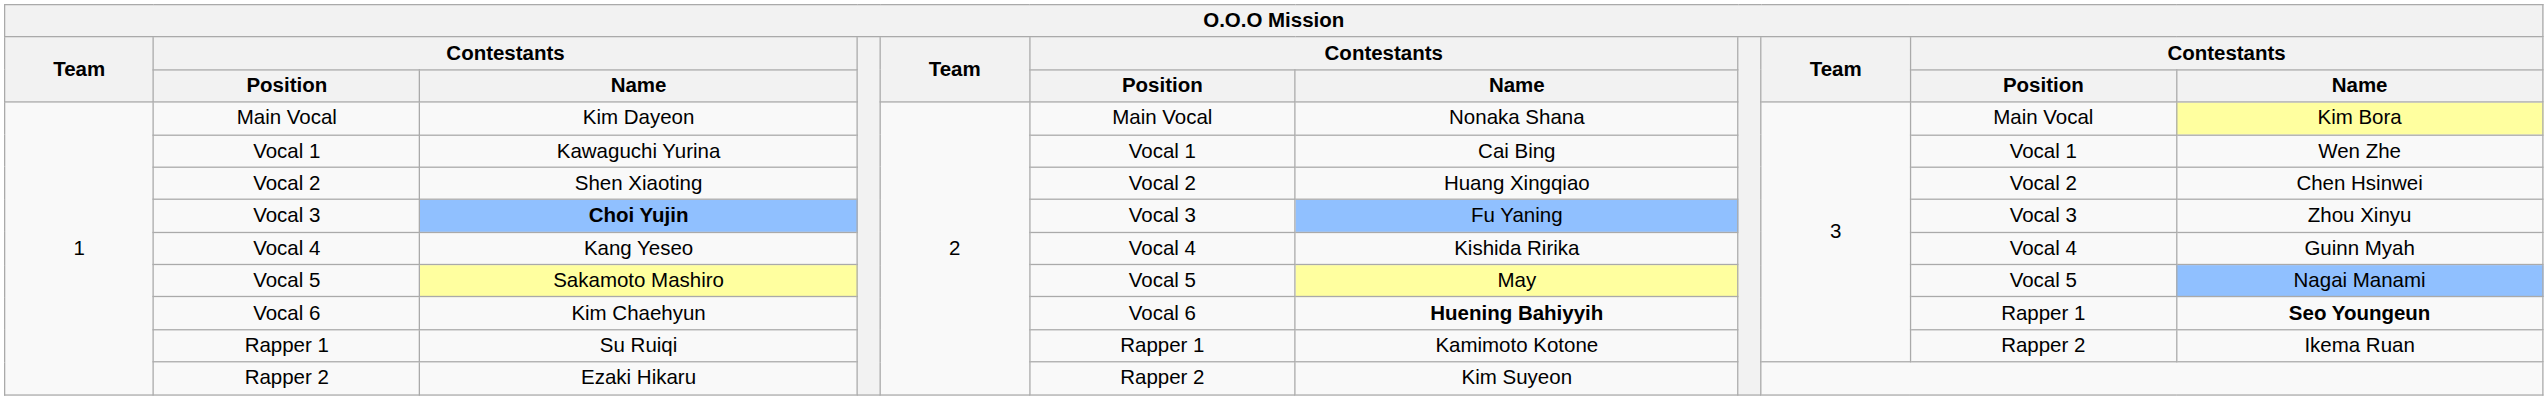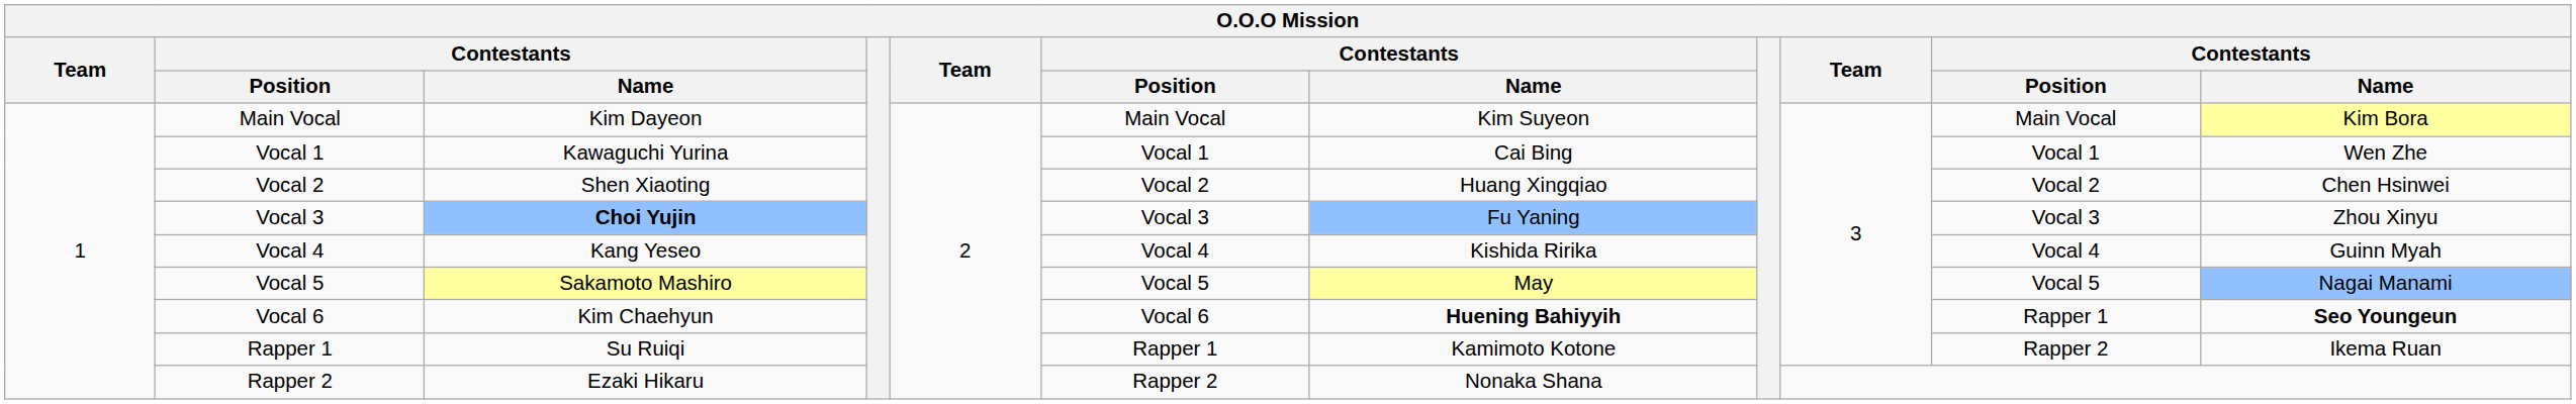 <table class="wikitable collapsible" style="width:100%; text-align:center">
 <tr>
 <th colspan="11">O.O.O Mission</th>
 </tr>
 <tr>
 <th rowspan="2">Team</th>
 <th colspan="2">Contestants</th>
 <th rowspan="11"></th>
 <th rowspan="2">Team</th>
 <th colspan="2">Contestants</th>
 <th rowspan="11"></th>
 <th rowspan="2">Team</th>
 <th colspan="2">Contestants</th>
 </tr>
 <tr>
 <th>Position</th>
 <th>Name</th>
 <th>Position</th>
 <th>Name</th>
 <th>Position</th>
 <th>Name</th>
 </tr>
 <tr>
 <td rowspan="9">1</td>
 <td>Main Vocal</td>
 <td>Kim Dayeon</td>
 <td rowspan="9">2</td>
 <td>Main Vocal</td>
-<td>Nonaka Shana</td>
+<td>Kim Suyeon</td>
 <td rowspan="8">3</td>
 <td>Main Vocal</td>
 <td style="background:#FFFF9F;">Kim Bora</td>
 </tr>
 <tr>
 <td>Vocal 1</td>
 <td>Kawaguchi Yurina</td>
 <td>Vocal 1</td>
 <td>Cai Bing</td>
 <td>Vocal 1</td>
 <td>Wen Zhe</td>
 </tr>
 <tr>
 <td>Vocal 2</td>
 <td>Shen Xiaoting</td>
 <td>Vocal 2</td>
 <td>Huang Xingqiao</td>
 <td>Vocal 2</td>
 <td>Chen Hsinwei</td>
 </tr>
 <tr>
 <td>Vocal 3</td>
 <td style="background:#90C0FF;"><strong>Choi Yujin</strong></td>
 <td>Vocal 3</td>
 <td style="background:#90C0FF;">Fu Yaning</td>
 <td>Vocal 3</td>
 <td>Zhou Xinyu</td>
 </tr>
 <tr>
 <td>Vocal 4</td>
 <td>Kang Yeseo</td>
 <td>Vocal 4</td>
 <td>Kishida Ririka</td>
 <td>Vocal 4</td>
 <td>Guinn Myah</td>
 </tr>
 <tr>
 <td>Vocal 5</td>
 <td style="background:#FFFF9F;">Sakamoto Mashiro</td>
 <td>Vocal 5</td>
 <td style="background:#FFFF9F;">May</td>
 <td>Vocal 5</td>
 <td style="background:#90C0FF;">Nagai Manami</td>
 </tr>
 <tr>
 <td>Vocal 6</td>
 <td>Kim Chaehyun</td>
 <td>Vocal 6</td>
 <td><strong>Huening Bahiyyih</strong></td>
 <td>Rapper 1</td>
 <td><strong>Seo Youngeun</strong></td>
 </tr>
 <tr>
 <td>Rapper 1</td>
 <td>Su Ruiqi</td>
 <td>Rapper 1</td>
 <td>Kamimoto Kotone</td>
 <td>Rapper 2</td>
 <td>Ikema Ruan</td>
 </tr>
 <tr>
 <td>Rapper 2</td>
 <td>Ezaki Hikaru</td>
 <td>Rapper 2</td>
-<td>Kim Suyeon</td>
+<td>Nonaka Shana</td>
 <td colspan="3"></td>
 </tr>
 </table>
